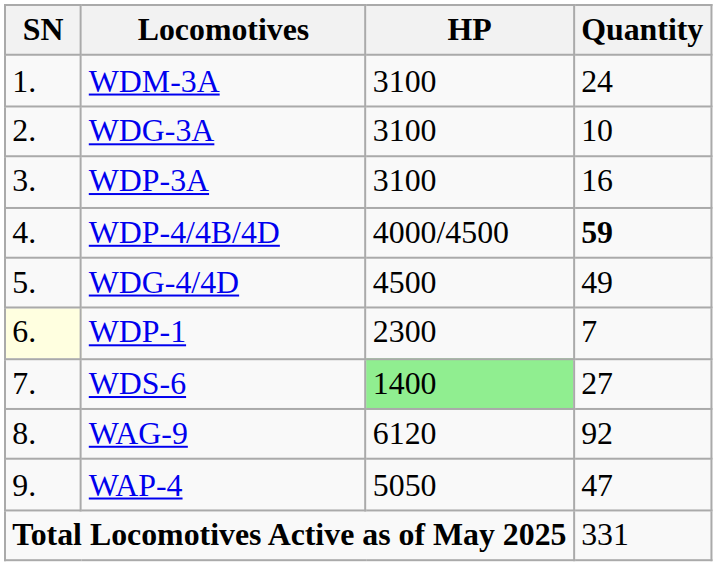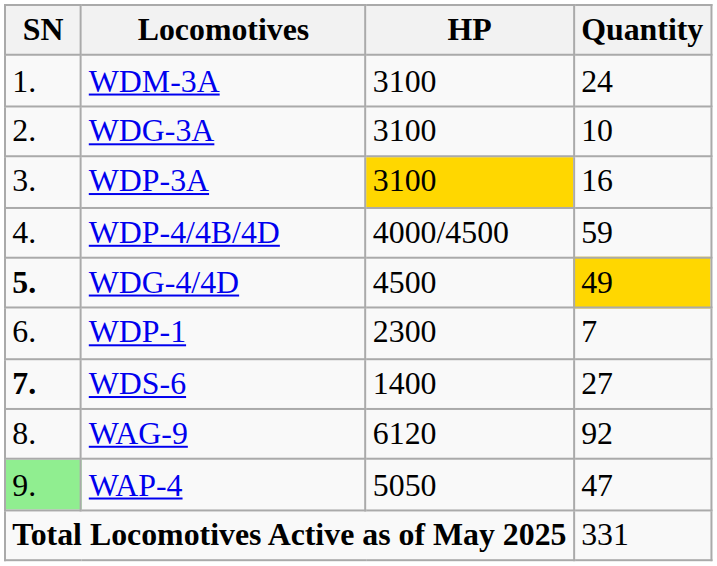 <table class="wikitable">
 <tr>
 <th>SN</th>
 <th>Locomotives</th>
 <th>HP</th>
 <th>Quantity</th>
 </tr>
 <tr>
 <td>1.</td>
 <td><a href='#'>WDM-3A</a></td>
 <td>3100</td>
 <td>24</td>
 </tr>
 <tr>
 <td>2.</td>
 <td><a href='#'>WDG-3A</a></td>
 <td>3100</td>
 <td>10</td>
 </tr>
 <tr>
 <td>3.</td>
 <td><a href='#'>WDP-3A</a></td>
-<td>3100</td>
+<td style="background: gold;">3100</td>
 <td>16</td>
 </tr>
 <tr>
 <td>4.</td>
 <td><a href='#'>WDP-4/4B/4D</a></td>
 <td>4000/4500</td>
-<td><strong>59</strong></td>
+<td>59</td>
 </tr>
 <tr>
-<td>5.</td>
+<td><strong>5.</strong></td>
 <td><a href='#'>WDG-4/4D</a></td>
 <td>4500</td>
-<td>49</td>
+<td style="background: gold;">49</td>
 </tr>
 <tr>
-<td style="background: lightyellow;">6.</td>
+<td>6.</td>
 <td><a href='#'>WDP-1</a></td>
 <td>2300</td>
 <td>7</td>
 </tr>
 <tr>
-<td>7.</td>
+<td><strong>7.</strong></td>
 <td><a href='#'>WDS-6</a></td>
-<td style="background: lightgreen;">1400</td>
+<td>1400</td>
 <td>27</td>
 </tr>
 <tr>
 <td>8.</td>
 <td><a href='#'>WAG-9</a></td>
 <td>6120</td>
 <td>92</td>
 </tr>
 <tr>
-<td>9.</td>
+<td style="background: lightgreen;">9.</td>
 <td><a href='#'>WAP-4</a></td>
 <td>5050</td>
 <td>47</td>
 </tr>
 <tr>
 <td colspan="3"><strong>Total Locomotives Active as of May 2025</strong></td>
 <td>331</td>
 </tr>
 </table>
